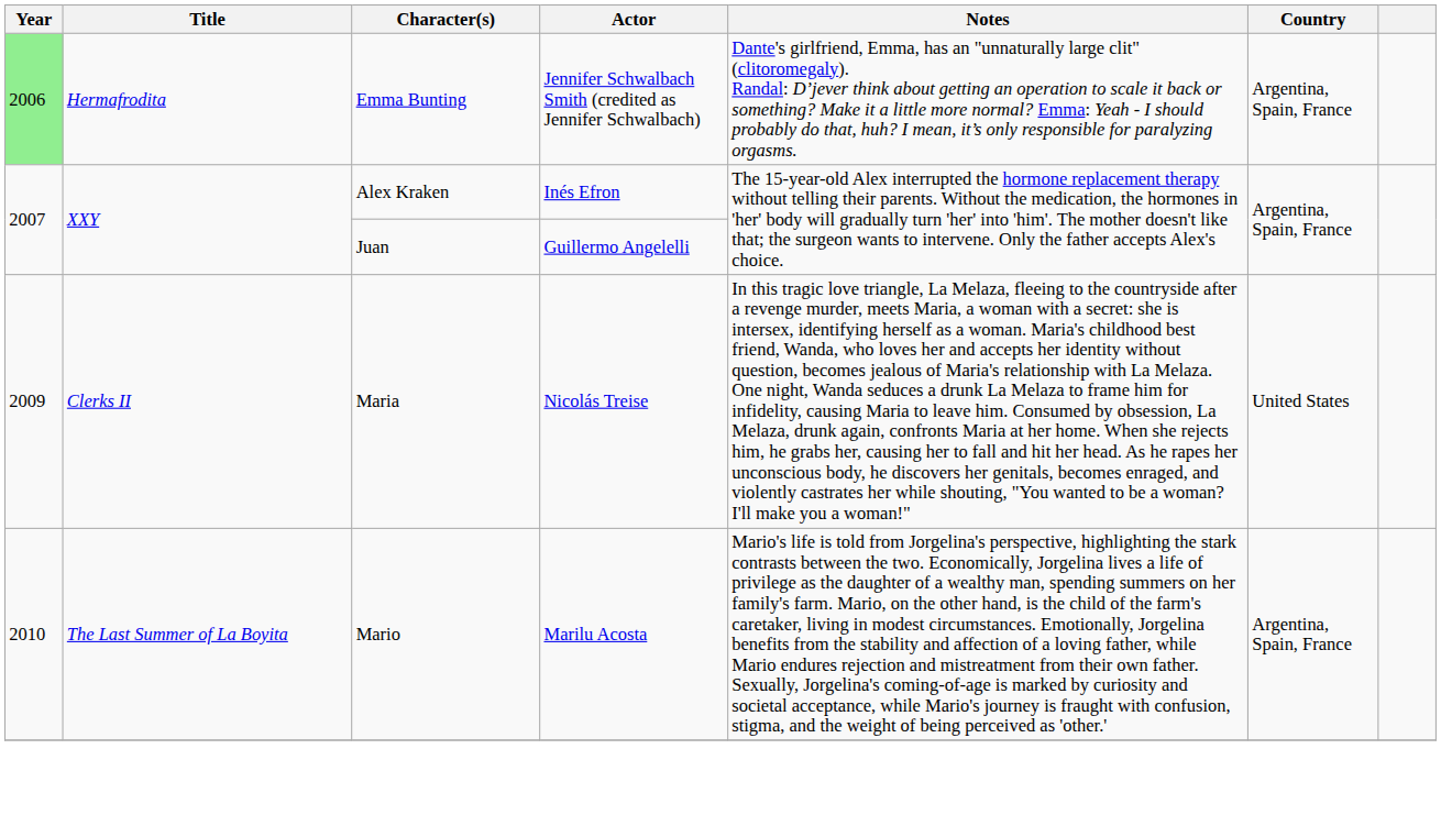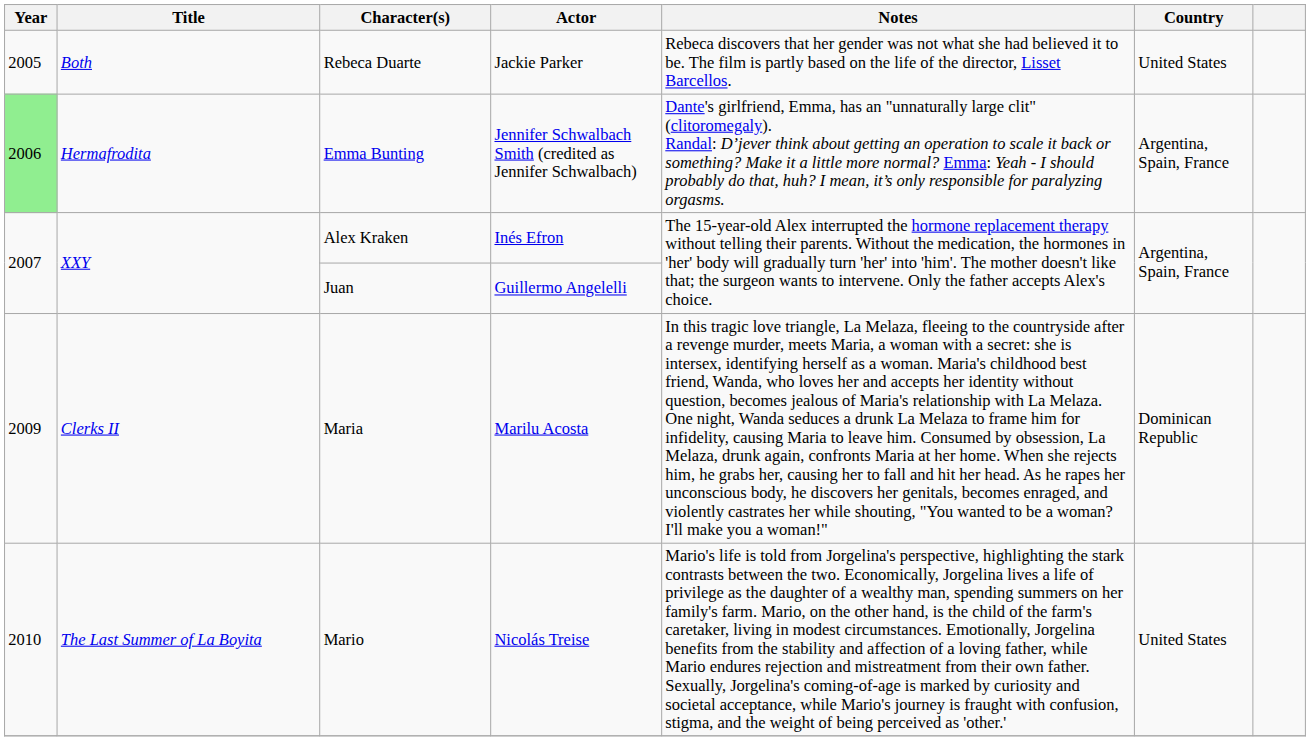 <table class="wikitable sortable" style="width: 100%">
 <tr>
 <th style="width:4%;">Year</th>
 <th style="width:20%;">Title</th>
 <th style="width:13%;">Character(s)</th>
 <th style="width:13%;">Actor</th>
 <th style="width:36%;">Notes</th>
 <th style="width:9%;">Country</th>
 <th style="width:4%;" class="unsortable"></th>
+</tr>
+<tr>
+<td>2005</td>
+<td><em><a href='#'>Both</a></em></td>
+<td>Rebeca Duarte</td>
+<td>Jackie Parker</td>
+<td>Rebeca discovers that her gender was not what she had believed it to be. The film is partly based on the life of the director, <a href='#'>Lisset Barcellos</a>.</td>
+<td>United States</td>
+<td></td>
 </tr>
 <tr>
 <td style="background: lightgreen;">2006</td>
 <td><em><a href='#'>Hermafrodita</a></em></td>
 <td><a href='#'>Emma Bunting</a></td>
 <td><a href='#'>Jennifer Schwalbach Smith</a> (credited as Jennifer Schwalbach)</td>
 <td><a href='#'>Dante</a>'s girlfriend, Emma, has an "unnaturally large clit" (<a href='#'>clitoromegaly</a>).<br><a href='#'>Randal</a>: <em>D’jever think about getting an operation to scale it back or something? Make it a little more normal?</em> <a href='#'>Emma</a>: <em>Yeah - I should probably do that, huh? I mean, it’s only responsible for paralyzing orgasms.</em></td>
 <td>Argentina, Spain, France</td>
 <td></td>
 </tr>
 <tr>
 <td rowspan="2">2007</td>
 <td rowspan="2"><em><a href='#'>XXY</a></em></td>
 <td>Alex Kraken</td>
 <td><a href='#'>Inés Efron</a></td>
 <td rowspan="2">The 15-year-old Alex interrupted the <a href='#'>hormone replacement therapy</a> without telling their parents. Without the medication, the hormones in 'her' body will gradually turn 'her' into 'him'. The mother doesn't like that; the surgeon wants to intervene. Only the father accepts Alex's choice.</td>
 <td rowspan="2">Argentina, Spain, France</td>
 <td rowspan="2"></td>
 </tr>
 <tr>
 <td>Juan</td>
 <td><a href='#'>Guillermo Angelelli</a></td>
 </tr>
 <tr>
 <td>2009</td>
 <td><em><a href='#'>Clerks II</a></em></td>
 <td>Maria</td>
-<td><a href='#'>Nicolás Treise</a></td>
+<td><a href='#'>Marilu Acosta</a></td>
 <td>In this tragic love triangle, La Melaza, fleeing to the countryside after a revenge murder, meets Maria, a woman with a secret: she is intersex, identifying herself as a woman. Maria's childhood best friend, Wanda, who loves her and accepts her identity without question, becomes jealous of Maria's relationship with La Melaza. One night, Wanda seduces a drunk La Melaza to frame him for infidelity, causing Maria to leave him. Consumed by obsession, La Melaza, drunk again, confronts Maria at her home. When she rejects him, he grabs her, causing her to fall and hit her head. As he rapes her unconscious body, he discovers her genitals, becomes enraged, and violently castrates her while shouting, "You wanted to be a woman? I'll make you a woman!"</td>
-<td>United States</td>
+<td>Dominican Republic</td>
 <td></td>
 </tr>
 <tr>
 <td>2010</td>
 <td><em><a href='#'>The Last Summer of La Boyita</a></em></td>
 <td>Mario</td>
-<td><a href='#'>Marilu Acosta</a></td>
+<td><a href='#'>Nicolás Treise</a></td>
 <td>Mario's life is told from Jorgelina's perspective, highlighting the stark contrasts between the two. Economically, Jorgelina lives a life of privilege as the daughter of a wealthy man, spending summers on her family's farm. Mario, on the other hand, is the child of the farm's caretaker, living in modest circumstances. Emotionally, Jorgelina benefits from the stability and affection of a loving father, while Mario endures rejection and mistreatment from their own father. Sexually, Jorgelina's coming-of-age is marked by curiosity and societal acceptance, while Mario's journey is fraught with confusion, stigma, and the weight of being perceived as 'other.'</td>
-<td>Argentina, Spain, France</td>
+<td>United States</td>
 <td></td>
 </tr>
 <tr>
 </tr>
 </table>
